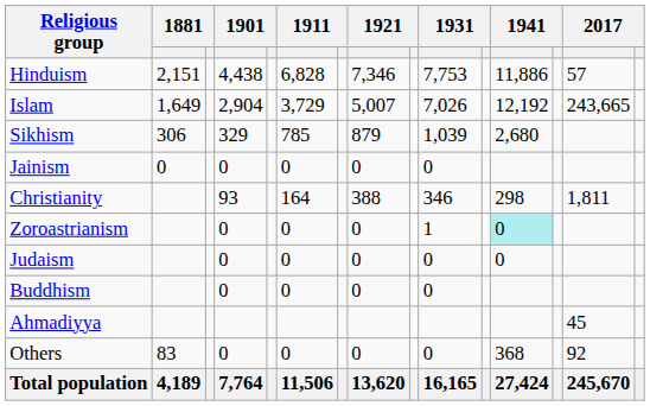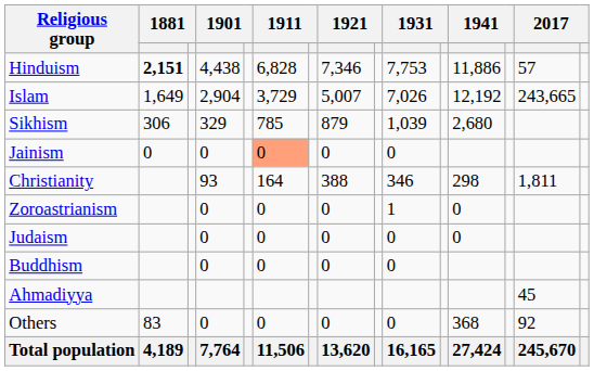 <table class="wikitable collapsible sortable">
 <tr>
 <th rowspan="2"><a href='#'>Religious</a><br>group</th>
 <th colspan="2">1881</th>
 <th colspan="2">1901</th>
 <th colspan="2">1911</th>
 <th colspan="2">1921</th>
 <th colspan="2">1931</th>
 <th colspan="2">1941</th>
 <th colspan="2">2017</th>
 </tr>
 <tr>
 <th><a href='#'></a></th>
 <th></th>
 <th></th>
 <th></th>
 <th></th>
 <th></th>
 <th></th>
 <th></th>
 <th></th>
 <th></th>
 <th></th>
 <th></th>
 <th></th>
 <th></th>
 </tr>
 <tr>
 <td><a href='#'>Hinduism</a> </td>
-<td>2,151</td>
+<td><strong>2,151</strong></td>
 <td></td>
 <td>4,438</td>
 <td></td>
 <td>6,828</td>
 <td></td>
 <td>7,346</td>
 <td></td>
 <td>7,753</td>
 <td></td>
 <td>11,886</td>
 <td></td>
 <td>57</td>
 <td></td>
 </tr>
 <tr>
 <td><a href='#'>Islam</a> </td>
 <td>1,649</td>
 <td></td>
 <td>2,904</td>
 <td></td>
 <td>3,729</td>
 <td></td>
 <td>5,007</td>
 <td></td>
 <td>7,026</td>
 <td></td>
 <td>12,192</td>
 <td></td>
 <td>243,665</td>
 <td></td>
 </tr>
 <tr>
 <td><a href='#'>Sikhism</a> </td>
 <td>306</td>
 <td></td>
 <td>329</td>
 <td></td>
 <td>785</td>
 <td></td>
 <td>879</td>
 <td></td>
 <td>1,039</td>
 <td></td>
 <td>2,680</td>
 <td></td>
 <td></td>
 <td></td>
 </tr>
 <tr>
 <td><a href='#'>Jainism</a> </td>
 <td>0</td>
 <td></td>
 <td>0</td>
 <td></td>
-<td>0</td>
+<td style="background: lightsalmon;">0</td>
 <td></td>
 <td>0</td>
 <td></td>
 <td>0</td>
 <td></td>
 <td></td>
 <td></td>
 <td></td>
 <td></td>
 </tr>
 <tr>
 <td><a href='#'>Christianity</a> </td>
 <td></td>
 <td></td>
 <td>93</td>
 <td></td>
 <td>164</td>
 <td></td>
 <td>388</td>
 <td></td>
 <td>346</td>
 <td></td>
 <td>298</td>
 <td></td>
 <td>1,811</td>
 <td></td>
 </tr>
 <tr>
 <td><a href='#'>Zoroastrianism</a> </td>
 <td></td>
 <td></td>
 <td>0</td>
 <td></td>
 <td>0</td>
 <td></td>
 <td>0</td>
 <td></td>
 <td>1</td>
 <td></td>
-<td style="background: paleturquoise;">0</td>
+<td>0</td>
 <td></td>
 <td></td>
 <td></td>
 </tr>
 <tr>
 <td><a href='#'>Judaism</a> </td>
 <td></td>
 <td></td>
 <td>0</td>
 <td></td>
 <td>0</td>
 <td></td>
 <td>0</td>
 <td></td>
 <td>0</td>
 <td></td>
 <td>0</td>
 <td></td>
 <td></td>
 <td></td>
 </tr>
 <tr>
 <td><a href='#'>Buddhism</a> </td>
 <td></td>
 <td></td>
 <td>0</td>
 <td></td>
 <td>0</td>
 <td></td>
 <td>0</td>
 <td></td>
 <td>0</td>
 <td></td>
 <td></td>
 <td></td>
 <td></td>
 <td></td>
 </tr>
 <tr>
 <td><a href='#'>Ahmadiyya</a> </td>
 <td></td>
 <td></td>
 <td></td>
 <td></td>
 <td></td>
 <td></td>
 <td></td>
 <td></td>
 <td></td>
 <td></td>
 <td></td>
 <td></td>
 <td>45</td>
 <td></td>
 </tr>
 <tr>
 <td>Others</td>
 <td>83</td>
 <td></td>
 <td>0</td>
 <td></td>
 <td>0</td>
 <td></td>
 <td>0</td>
 <td></td>
 <td>0</td>
 <td></td>
 <td>368</td>
 <td></td>
 <td>92</td>
 <td></td>
 </tr>
 <tr>
 <th>Total population</th>
 <th>4,189</th>
 <th></th>
 <th>7,764</th>
 <th></th>
 <th>11,506</th>
 <th></th>
 <th>13,620</th>
 <th></th>
 <th>16,165</th>
 <th></th>
 <th>27,424</th>
 <th></th>
 <th>245,670</th>
 <th></th>
 </tr>
 </table>
